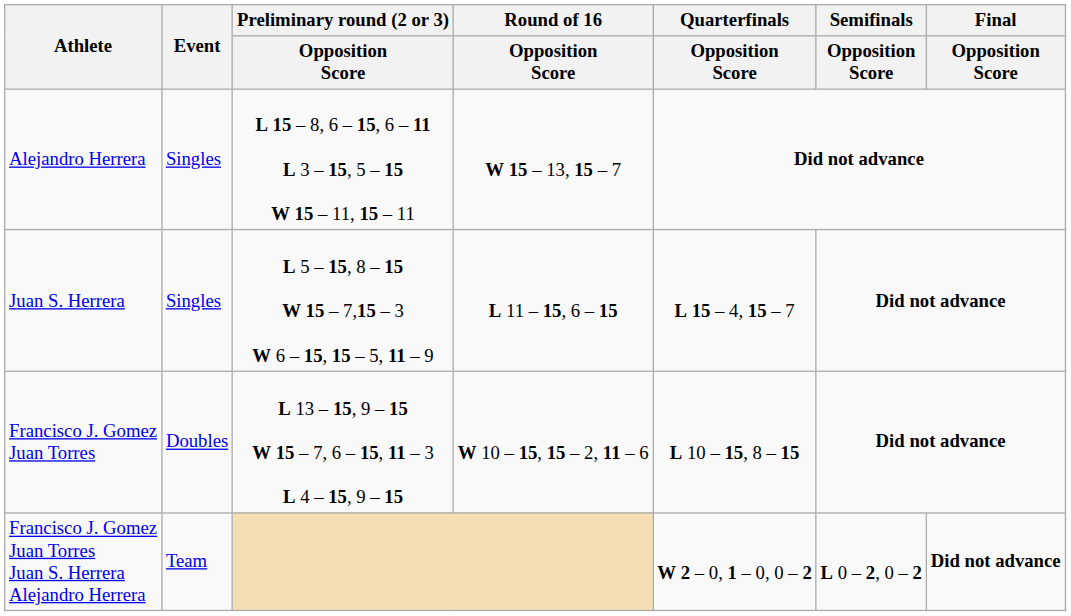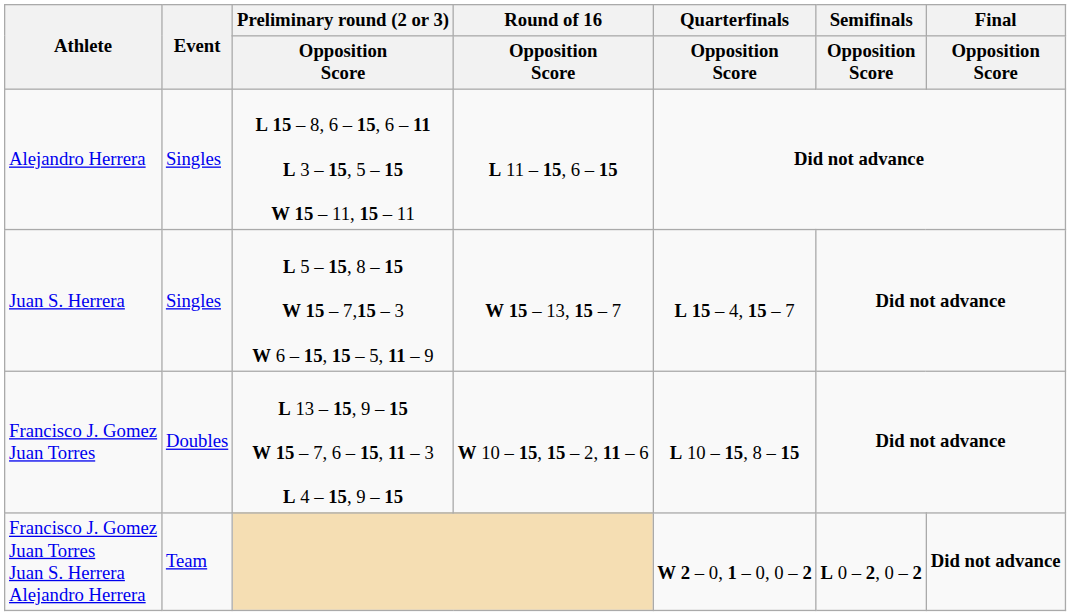 <table class="wikitable" border="1" style="font-size:90%">
 <tr>
 <th rowspan=2>Athlete</th>
 <th rowspan=2>Event</th>
 <th>Preliminary round (2 or 3)</th>
 <th>Round of 16</th>
 <th>Quarterfinals</th>
 <th>Semifinals</th>
 <th>Final</th>
 </tr>
 <tr>
 <th>Opposition<br>Score</th>
 <th>Opposition<br>Score</th>
 <th>Opposition<br>Score</th>
 <th>Opposition<br>Score</th>
 <th>Opposition<br>Score</th>
 </tr>
 <tr>
 <td><a href='#'>Alejandro Herrera</a></td>
 <td><a href='#'>Singles</a></td>
 <td align=center><br><strong>L</strong> <strong>15</strong> – 8, 6 – <strong>15</strong>, 6 – <strong>11</strong><br><br><strong>L</strong> 3 – <strong>15</strong>, 5 – <strong>15</strong><br><br><strong>W</strong> <strong>15</strong> – 11, <strong>15</strong> – 11</td>
-<td align=center><br><strong>W</strong> <strong>15</strong> – 13, <strong>15</strong> – 7</td>
+<td align=center><br><strong>L</strong> 11 – <strong>15</strong>, 6 – <strong>15</strong></td>
 <td align="center" colspan="7"><strong>Did not advance</strong></td>
 </tr>
 <tr>
 <td><a href='#'>Juan S. Herrera</a></td>
 <td><a href='#'>Singles</a></td>
 <td align=center><br><strong>L</strong> 5 – <strong>15</strong>, 8 – <strong>15</strong><br><br><strong>W</strong> <strong>15</strong> – 7,<strong>15</strong> – 3<br><br><strong>W</strong> 6 – <strong>15</strong>, <strong>15</strong> – 5, <strong>11</strong> – 9</td>
-<td align=center><br><strong>L</strong> 11 – <strong>15</strong>, 6 – <strong>15</strong></td>
+<td align=center><br><strong>W</strong> <strong>15</strong> – 13, <strong>15</strong> – 7</td>
 <td align=center><br><strong>L</strong> <strong>15</strong> – 4, <strong>15</strong> – 7</td>
 <td align="center" colspan="7"><strong>Did not advance</strong></td>
 </tr>
 <tr>
 <td><a href='#'>Francisco J. Gomez</a><br><a href='#'>Juan Torres</a></td>
 <td><a href='#'>Doubles</a></td>
 <td align=center><br><strong>L</strong> 13 – <strong>15</strong>, 9 – <strong>15</strong><br><br><strong>W</strong> <strong>15</strong> – 7, 6 – <strong>15</strong>, <strong>11</strong> – 3<br><br><strong>L</strong> 4 – <strong>15</strong>, 9 – <strong>15</strong></td>
 <td align=center><br><strong>W</strong> 10 – <strong>15</strong>, <strong>15</strong> – 2, <strong>11</strong> – 6</td>
 <td align=center><br><strong>L</strong> 10 – <strong>15</strong>, 8 – <strong>15</strong></td>
 <td align="center" colspan="7"><strong>Did not advance</strong></td>
 </tr>
 <tr>
 <td><a href='#'>Francisco J. Gomez</a><br><a href='#'>Juan Torres</a><br><a href='#'>Juan S. Herrera</a><br><a href='#'>Alejandro Herrera</a></td>
 <td><a href='#'>Team</a></td>
 <td align=center bgcolor=wheat colspan=2></td>
 <td align=center><br><strong>W</strong> <strong>2</strong> – 0, <strong>1</strong> – 0, 0 – <strong>2</strong></td>
 <td align=center><br><strong>L</strong> 0 – <strong>2</strong>, 0 – <strong>2</strong><br></td>
 <td align="center" colspan="7"><strong>Did not advance</strong></td>
 </tr>
 </table>
